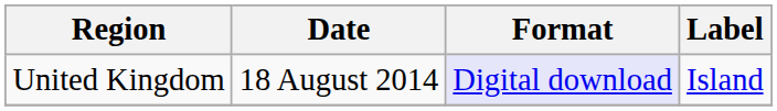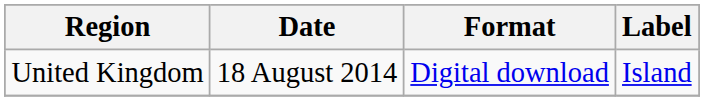 <table class=wikitable>
 <tr>
 <th scope="col">Region</th>
 <th scope="col">Date</th>
 <th scope="col">Format</th>
 <th scope="col">Label</th>
 </tr>
 <tr>
 <td>United Kingdom</td>
 <td>18 August 2014</td>
-<td style="background: lavender;"><a href='#'>Digital download</a></td>
+<td><a href='#'>Digital download</a></td>
 <td><a href='#'>Island</a></td>
 </tr>
 <tr>
 </tr>
 </table>
